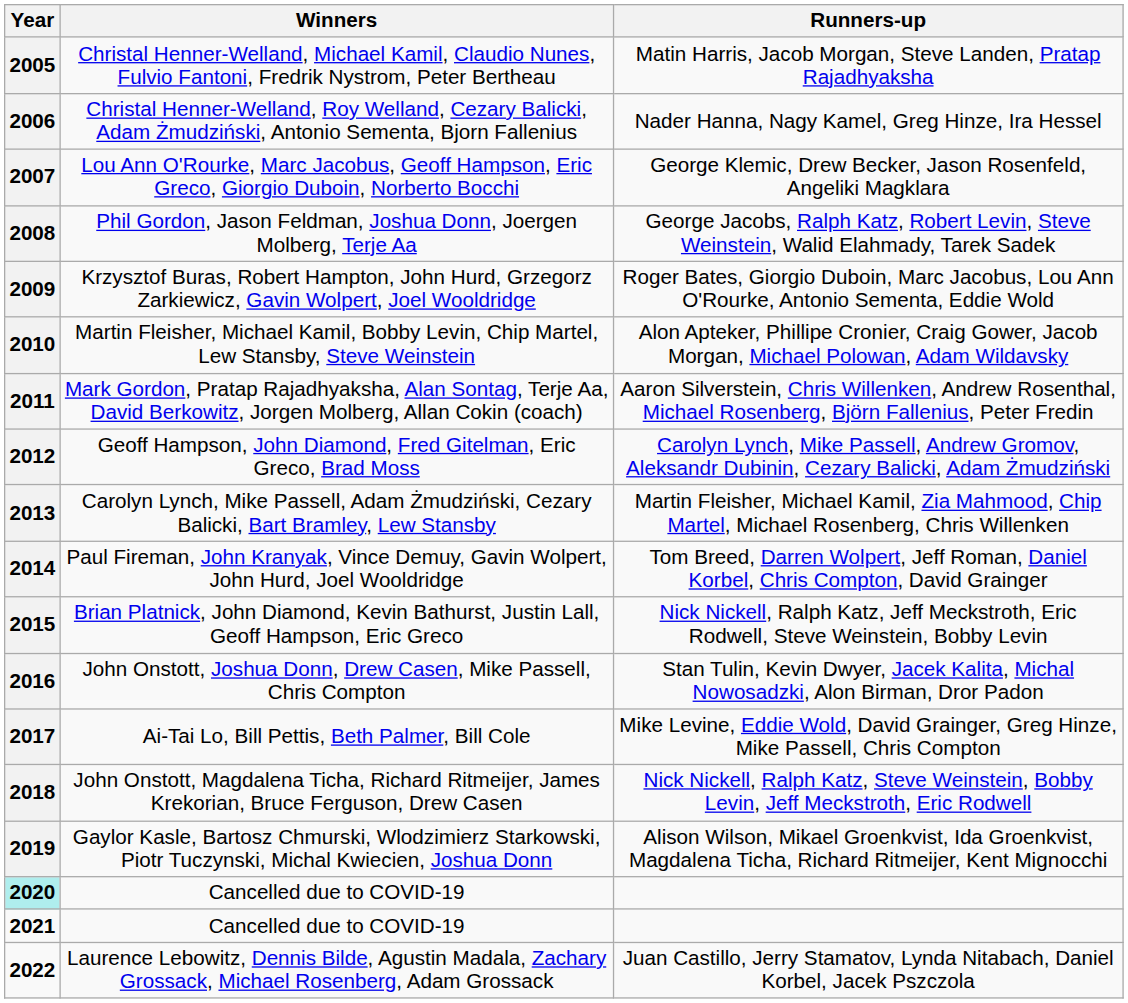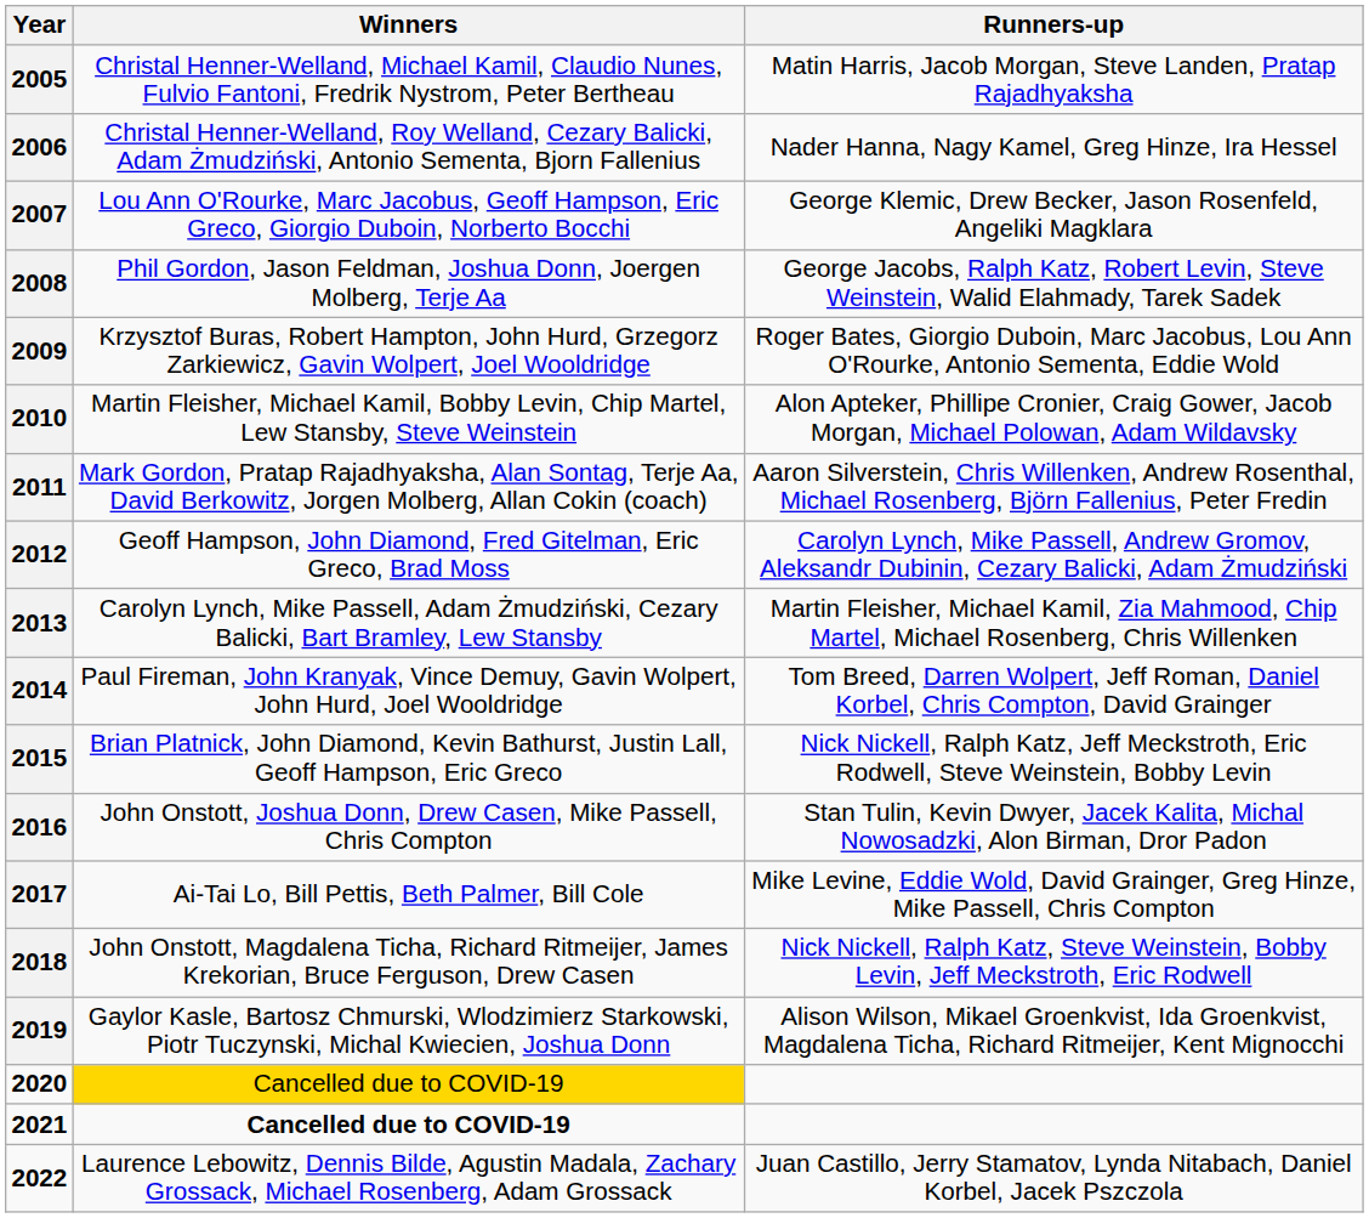 <table class="wikitable" style="text-align:center">
 <tr>
 <th>Year</th>
 <th>Winners</th>
 <th>Runners-up</th>
 </tr>
 <tr>
 <th>2005</th>
 <td><a href='#'>Christal Henner-Welland</a>, <a href='#'>Michael Kamil</a>, <a href='#'>Claudio Nunes</a>, <a href='#'>Fulvio Fantoni</a>, Fredrik Nystrom, Peter Bertheau</td>
 <td>Matin Harris, Jacob Morgan, Steve Landen, <a href='#'>Pratap Rajadhyaksha</a></td>
 </tr>
 <tr>
 <th>2006</th>
 <td><a href='#'>Christal Henner-Welland</a>, <a href='#'>Roy Welland</a>, <a href='#'>Cezary Balicki</a>, <a href='#'>Adam Żmudziński</a>, Antonio Sementa, Bjorn Fallenius</td>
 <td>Nader Hanna, Nagy Kamel, Greg Hinze, Ira Hessel</td>
 </tr>
 <tr>
 <th>2007</th>
 <td><a href='#'>Lou Ann O'Rourke</a>, <a href='#'>Marc Jacobus</a>, <a href='#'>Geoff Hampson</a>, <a href='#'>Eric Greco</a>, <a href='#'>Giorgio Duboin</a>, <a href='#'>Norberto Bocchi</a></td>
 <td>George Klemic, Drew Becker, Jason Rosenfeld, Angeliki Magklara</td>
 </tr>
 <tr>
 <th>2008</th>
 <td><a href='#'>Phil Gordon</a>, Jason Feldman, <a href='#'>Joshua Donn</a>, Joergen Molberg, <a href='#'>Terje Aa</a></td>
 <td>George Jacobs, <a href='#'>Ralph Katz</a>, <a href='#'>Robert Levin</a>, <a href='#'>Steve Weinstein</a>, Walid Elahmady, Tarek Sadek</td>
 </tr>
 <tr>
 <th>2009</th>
 <td>Krzysztof Buras, Robert Hampton, John Hurd, Grzegorz Zarkiewicz, <a href='#'>Gavin Wolpert</a>, <a href='#'>Joel Wooldridge</a></td>
 <td>Roger Bates, Giorgio Duboin, Marc Jacobus, Lou Ann O'Rourke, Antonio Sementa, Eddie Wold</td>
 </tr>
 <tr>
 <th>2010</th>
 <td>Martin Fleisher, Michael Kamil, Bobby Levin, Chip Martel, Lew Stansby, <a href='#'>Steve Weinstein</a></td>
 <td>Alon Apteker, Phillipe Cronier, Craig Gower, Jacob Morgan, <a href='#'>Michael Polowan</a>, <a href='#'>Adam Wildavsky</a></td>
 </tr>
 <tr>
 <th>2011</th>
 <td><a href='#'>Mark Gordon</a>, Pratap Rajadhyaksha, <a href='#'>Alan Sontag</a>, Terje Aa, <a href='#'>David Berkowitz</a>, Jorgen Molberg, Allan Cokin (coach)</td>
 <td>Aaron Silverstein, <a href='#'>Chris Willenken</a>, Andrew Rosenthal, <a href='#'>Michael Rosenberg</a>, <a href='#'>Björn Fallenius</a>, Peter Fredin</td>
 </tr>
 <tr>
 <th>2012</th>
 <td>Geoff Hampson, <a href='#'>John Diamond</a>, <a href='#'>Fred Gitelman</a>, Eric Greco, <a href='#'>Brad Moss</a></td>
 <td><a href='#'>Carolyn Lynch</a>, <a href='#'>Mike Passell</a>, <a href='#'>Andrew Gromov</a>, <a href='#'>Aleksandr Dubinin</a>, <a href='#'>Cezary Balicki</a>, <a href='#'>Adam Żmudziński</a></td>
 </tr>
 <tr>
 <th>2013</th>
 <td>Carolyn Lynch, Mike Passell, Adam Żmudziński, Cezary Balicki, <a href='#'>Bart Bramley</a>, <a href='#'>Lew Stansby</a></td>
 <td>Martin Fleisher, Michael Kamil, <a href='#'>Zia Mahmood</a>, <a href='#'>Chip Martel</a>, Michael Rosenberg, Chris Willenken</td>
 </tr>
 <tr>
 <th>2014</th>
 <td>Paul Fireman, <a href='#'>John Kranyak</a>, Vince Demuy, Gavin Wolpert, John Hurd, Joel Wooldridge</td>
 <td>Tom Breed, <a href='#'>Darren Wolpert</a>, Jeff Roman, <a href='#'>Daniel Korbel</a>, <a href='#'>Chris Compton</a>, David Grainger</td>
 </tr>
 <tr>
 <th>2015</th>
 <td><a href='#'>Brian Platnick</a>, John Diamond, Kevin Bathurst, Justin Lall, Geoff Hampson, Eric Greco</td>
 <td><a href='#'>Nick Nickell</a>, Ralph Katz, Jeff Meckstroth, Eric Rodwell, Steve Weinstein, Bobby Levin</td>
 </tr>
 <tr>
 <th>2016</th>
 <td>John Onstott, <a href='#'>Joshua Donn</a>, <a href='#'>Drew Casen</a>, Mike Passell, Chris Compton</td>
 <td>Stan Tulin, Kevin Dwyer, <a href='#'>Jacek Kalita</a>, <a href='#'>Michal Nowosadzki</a>, Alon Birman, Dror Padon</td>
 </tr>
 <tr>
 <th>2017</th>
 <td>Ai-Tai Lo, Bill Pettis, <a href='#'>Beth Palmer</a>, Bill Cole</td>
 <td>Mike Levine, <a href='#'>Eddie Wold</a>, David Grainger, Greg Hinze, Mike Passell, Chris Compton</td>
 </tr>
 <tr>
 <th>2018</th>
 <td>John Onstott, Magdalena Ticha, Richard Ritmeijer, James Krekorian, Bruce Ferguson, Drew Casen</td>
 <td><a href='#'>Nick Nickell</a>, <a href='#'>Ralph Katz</a>, <a href='#'>Steve Weinstein</a>, <a href='#'>Bobby Levin</a>, <a href='#'>Jeff Meckstroth</a>, <a href='#'>Eric Rodwell</a></td>
 </tr>
 <tr>
 <th>2019</th>
 <td>Gaylor Kasle, Bartosz Chmurski, Wlodzimierz Starkowski, Piotr Tuczynski, Michal Kwiecien, <a href='#'>Joshua Donn</a></td>
 <td>Alison Wilson, Mikael Groenkvist, Ida Groenkvist, Magdalena Ticha, Richard Ritmeijer, Kent Mignocchi</td>
 </tr>
 <tr>
-<td style="background: paleturquoise;"><strong>2020</strong></td>
-<td>Cancelled due to COVID-19</td>
+<td><strong>2020</strong></td>
+<td style="background: gold;">Cancelled due to COVID-19</td>
 </tr>
 <tr>
 <td><strong>2021</strong></td>
-<td>Cancelled due to COVID-19</td>
+<td><strong>Cancelled due to COVID-19</strong></td>
 <td></td>
 </tr>
 <tr>
 <td><strong>2022</strong></td>
 <td>Laurence Lebowitz, <a href='#'>Dennis Bilde</a>, Agustin Madala, <a href='#'>Zachary Grossack</a>, <a href='#'>Michael Rosenberg</a>, Adam Grossack</td>
 <td>Juan Castillo, Jerry Stamatov, Lynda Nitabach, Daniel Korbel, Jacek Pszczola</td>
 </tr>
 </table>
